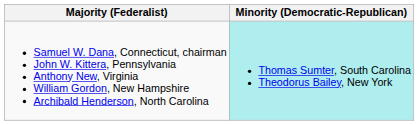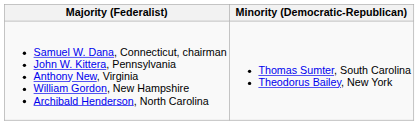 <table class=wikitable>
 <tr>
 <th>Majority (Federalist)</th>
 <th>Minority (Democratic-Republican)</th>
 </tr>
 <tr>
 <td><br><ul><li><a href='#'>Samuel W. Dana</a>, Connecticut, chairman</li><li><a href='#'>John W. Kittera</a>, Pennsylvania</li><li><a href='#'>Anthony New</a>, Virginia</li><li><a href='#'>William Gordon</a>, New Hampshire</li><li><a href='#'>Archibald Henderson</a>, North Carolina</li></ul></td>
-<td style="background: paleturquoise;"><br><ul><li><a href='#'>Thomas Sumter</a>, South Carolina</li><li><a href='#'>Theodorus Bailey</a>, New York</li></ul></td>
+<td><br><ul><li><a href='#'>Thomas Sumter</a>, South Carolina</li><li><a href='#'>Theodorus Bailey</a>, New York</li></ul></td>
 </tr>
 </table>
